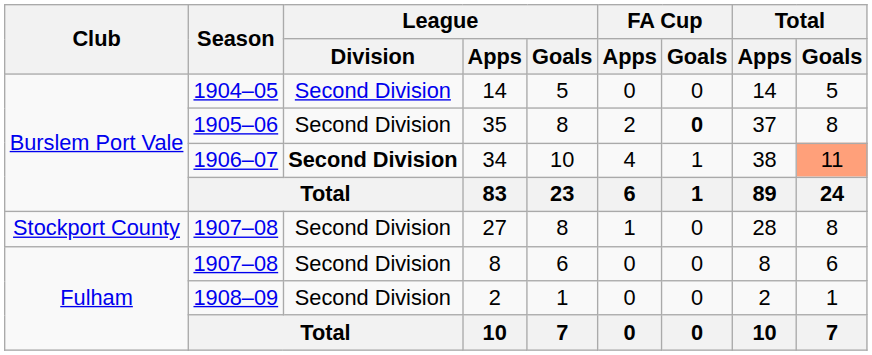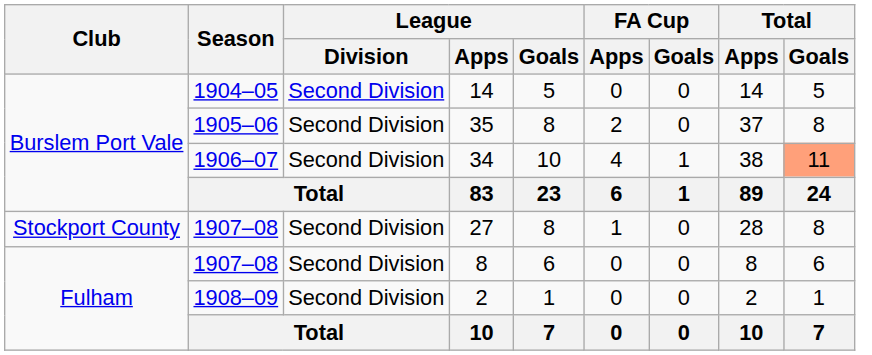 <table class="wikitable" style="text-align: center;">
 <tr>
 <th rowspan="2">Club</th>
 <th rowspan="2">Season</th>
 <th colspan="3">League</th>
 <th colspan="2">FA Cup</th>
 <th colspan="2">Total</th>
 </tr>
 <tr>
 <th>Division</th>
 <th>Apps</th>
 <th>Goals</th>
 <th>Apps</th>
 <th>Goals</th>
 <th>Apps</th>
 <th>Goals</th>
 </tr>
 <tr>
 <td rowspan="4"><a href='#'>Burslem Port Vale</a></td>
 <td><a href='#'>1904–05</a></td>
 <td><a href='#'>Second Division</a></td>
 <td>14</td>
 <td>5</td>
 <td>0</td>
 <td>0</td>
 <td>14</td>
 <td>5</td>
 </tr>
 <tr>
 <td><a href='#'>1905–06</a></td>
 <td>Second Division</td>
 <td>35</td>
 <td>8</td>
 <td>2</td>
-<td><strong>0</strong></td>
+<td>0</td>
 <td>37</td>
 <td>8</td>
 </tr>
 <tr>
 <td><a href='#'>1906–07</a></td>
-<td><strong>Second Division</strong></td>
+<td>Second Division</td>
 <td>34</td>
 <td>10</td>
 <td>4</td>
 <td>1</td>
 <td>38</td>
 <td style="background: lightsalmon;">11</td>
 </tr>
 <tr>
 <th colspan="2">Total</th>
 <th>83</th>
 <th>23</th>
 <th>6</th>
 <th>1</th>
 <th>89</th>
 <th>24</th>
 </tr>
 <tr>
 <td><a href='#'>Stockport County</a></td>
 <td><a href='#'>1907–08</a></td>
 <td>Second Division</td>
 <td>27</td>
 <td>8</td>
 <td>1</td>
 <td>0</td>
 <td>28</td>
 <td>8</td>
 </tr>
 <tr>
 <td rowspan="3"><a href='#'>Fulham</a></td>
 <td><a href='#'>1907–08</a></td>
 <td>Second Division</td>
 <td>8</td>
 <td>6</td>
 <td>0</td>
 <td>0</td>
 <td>8</td>
 <td>6</td>
 </tr>
 <tr>
 <td><a href='#'>1908–09</a></td>
 <td>Second Division</td>
 <td>2</td>
 <td>1</td>
 <td>0</td>
 <td>0</td>
 <td>2</td>
 <td>1</td>
 </tr>
 <tr>
 <th colspan="2">Total</th>
 <th>10</th>
 <th>7</th>
 <th>0</th>
 <th>0</th>
 <th>10</th>
 <th>7</th>
 </tr>
 </table>
